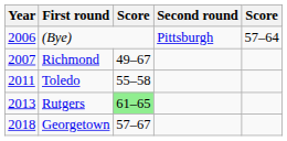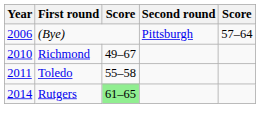 <table class="wikitable" style="font-size:; text-align:;">
 <tr>
 <th width=px>Year</th>
 <th width=px>First round</th>
 <th width=px>Score</th>
 <th width=px>Second round</th>
 <th width=px>Score</th>
 </tr>
 <tr>
 <td><a href='#'>2006</a></td>
 <td colspan=2><em>(Bye)</em></td>
 <td><a href='#'>Pittsburgh</a></td>
 <td>57–64</td>
 </tr>
 <tr>
-<td><a href='#'>2007</a></td>
+<td><a href='#'>2010</a></td>
 <td><a href='#'>Richmond</a></td>
 <td>49–67</td>
 <td></td>
 <td></td>
 </tr>
 <tr>
 <td><a href='#'>2011</a></td>
 <td><a href='#'>Toledo</a></td>
 <td>55–58</td>
 <td></td>
 <td></td>
 </tr>
 <tr>
-<td><a href='#'>2013</a></td>
+<td><a href='#'>2014</a></td>
 <td><a href='#'>Rutgers</a></td>
 <td style="background: lightgreen;">61–65</td>
 <td></td>
 <td></td>
 </tr>
-<tr>
-<td><a href='#'>2018</a></td>
-<td><a href='#'>Georgetown</a></td>
-<td>57–67</td>
-<td></td>
-<td></td>
-</tr>
 </table>
